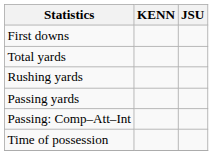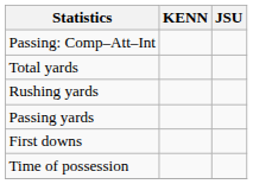 <table class="wikitable" style="float: left;">
 <tr>
 <th>Statistics</th>
 <th>KENN</th>
 <th>JSU</th>
 </tr>
 <tr>
-<td>First downs</td>
+<td>Passing: Comp–Att–Int</td>
 <td></td>
 <td></td>
 </tr>
 <tr>
 <td>Total yards</td>
 <td></td>
 <td></td>
 </tr>
 <tr>
 <td>Rushing yards</td>
 <td></td>
 <td></td>
 </tr>
 <tr>
 <td>Passing yards</td>
 <td></td>
 <td></td>
 </tr>
 <tr>
-<td>Passing: Comp–Att–Int</td>
+<td>First downs</td>
 <td></td>
 <td></td>
 </tr>
 <tr>
 <td>Time of possession</td>
 <td></td>
 <td></td>
 </tr>
 <tr>
 </tr>
 </table>
